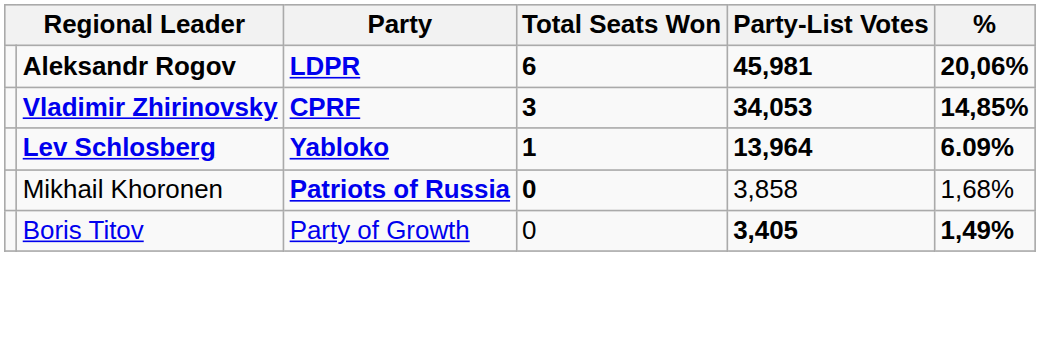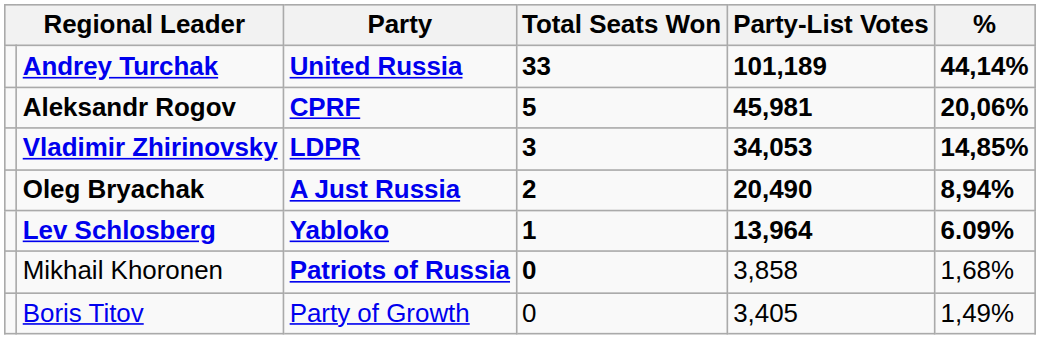 <table class="wikitable sortable">
 <tr>
 <th colspan="2">Regional Leader</th>
 <th>Party</th>
 <th>Total Seats Won</th>
 <th>Party-List Votes</th>
 <th>%</th>
 </tr>
 <tr>
 <td style="background-color: "></td>
+<td><strong><a href='#'>Andrey Turchak</a></strong></td>
+<td><strong><a href='#'>United Russia</a></strong></td>
+<td><strong>33</strong></td>
+<td><strong>101,189</strong></td>
+<td><strong>44,14%</strong></td>
+</tr>
+<tr>
+<td style="background-color: "></td>
 <td><strong>Aleksandr Rogov</strong></td>
-<td><a href='#'><strong>LDPR</strong></a></td>
-<td><strong>6</strong></td>
+<td><a href='#'><strong>CPRF</strong></a></td>
+<td><strong>5</strong></td>
 <td><strong>45,981</strong></td>
 <td><strong>20,06%</strong></td>
 </tr>
 <tr>
 <td style="background-color: "></td>
 <td><strong><a href='#'>Vladimir Zhirinovsky</a></strong></td>
-<td><a href='#'><strong>CPRF</strong></a></td>
+<td><a href='#'><strong>LDPR</strong></a></td>
 <td><strong>3</strong></td>
 <td><strong>34,053</strong></td>
 <td><strong>14,85%</strong></td>
+</tr>
+<tr>
+<td style="background-color: "></td>
+<td><strong>Oleg Bryachak</strong></td>
+<td><a href='#'><strong>A Just Russia</strong></a></td>
+<td><strong>2</strong></td>
+<td><strong>20,490</strong></td>
+<td><strong>8,94%</strong></td>
 </tr>
 <tr>
 <td style="background-color: "></td>
 <td><strong><a href='#'>Lev Schlosberg</a></strong></td>
 <td><strong><a href='#'>Yabloko</a></strong></td>
 <td><strong>1</strong></td>
 <td><strong>13,964</strong></td>
 <td><strong>6.09%</strong></td>
 </tr>
 <tr>
 <td style="background-color: "></td>
 <td>Mikhail Khoronen</td>
 <td><strong><a href='#'>Patriots of Russia</a></strong></td>
 <td><strong>0</strong></td>
 <td>3,858</td>
 <td>1,68%</td>
 </tr>
 <tr>
 <td style="background-color: "></td>
 <td><a href='#'>Boris Titov</a></td>
 <td><a href='#'>Party of Growth</a></td>
 <td>0</td>
-<td><strong>3,405</strong></td>
-<td><strong>1,49%</strong></td>
+<td>3,405</td>
+<td>1,49%</td>
 </tr>
 </table>
